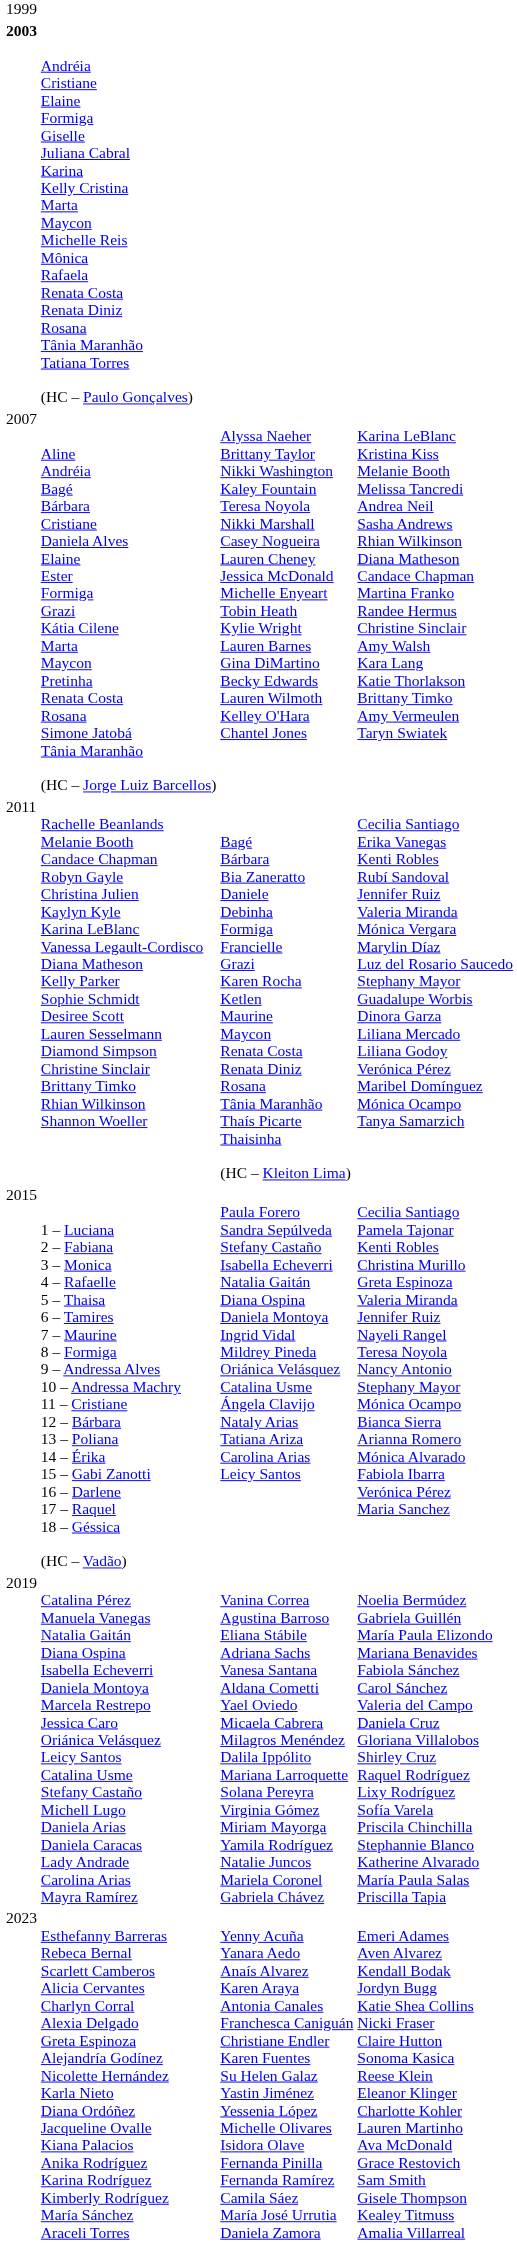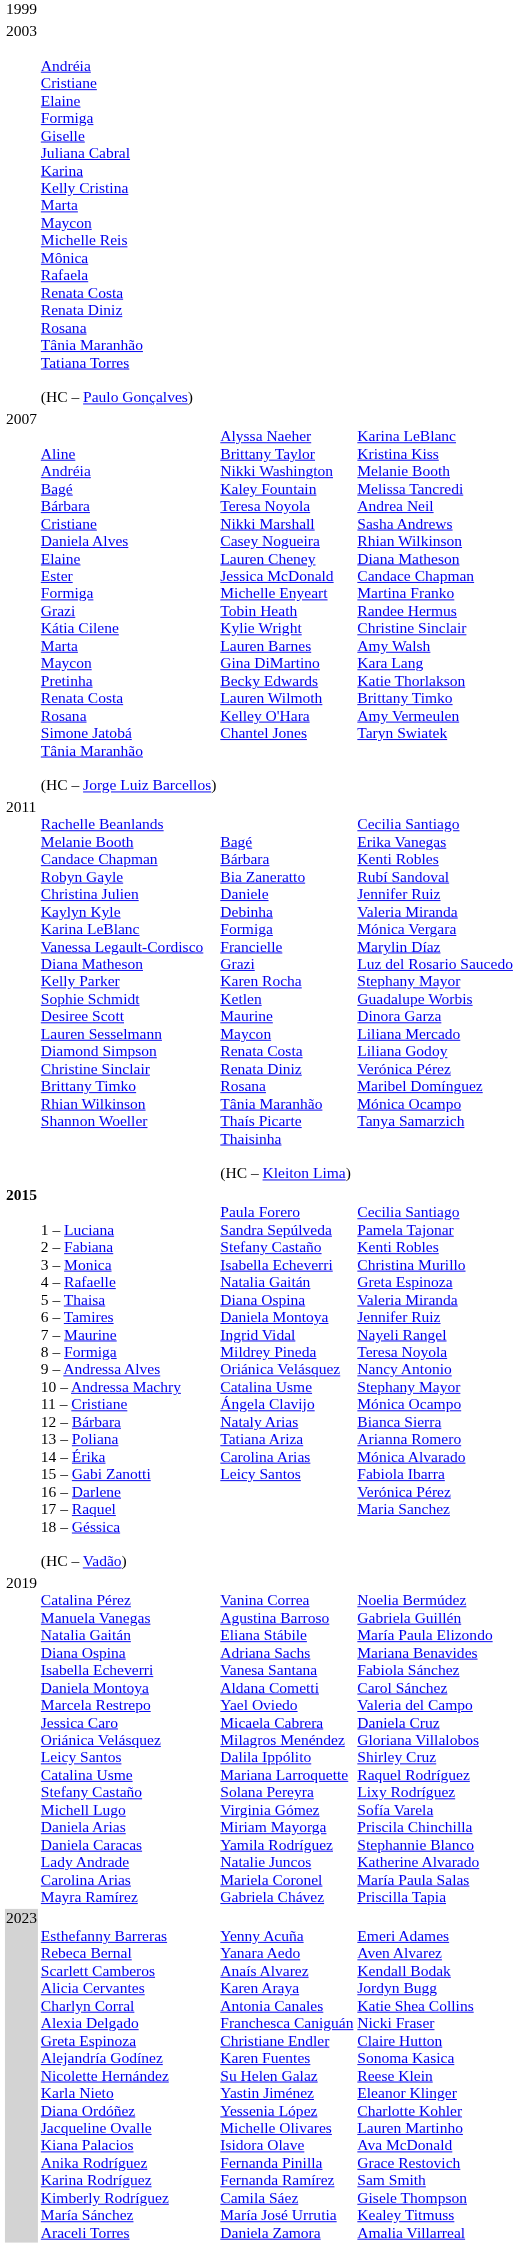 <table>
 <tr valign="top">
 <td>1999 <br></td>
 <td></td>
 <td></td>
 <td></td>
 </tr>
 <tr valign="top">
-<td><strong>2003 <br></strong></td>
+<td>2003 <br></td>
 <td><br><br><a href='#'>Andréia</a><br>  <a href='#'>Cristiane</a><br> <a href='#'>Elaine</a><br> <a href='#'>Formiga</a><br> <a href='#'>Giselle</a><br> <a href='#'>Juliana Cabral</a><br> <a href='#'>Karina</a><br> <a href='#'>Kelly Cristina</a><br> <a href='#'>Marta</a><br> <a href='#'>Maycon</a><br> <a href='#'>Michelle Reis</a><br> <a href='#'>Mônica</a><br> <a href='#'>Rafaela</a><br> <a href='#'>Renata Costa</a><br> <a href='#'>Renata Diniz</a><br> <a href='#'>Rosana</a><br> <a href='#'>Tânia Maranhão</a><br> <a href='#'>Tatiana Torres</a><br><br> (HC – <a href='#'>Paulo Gonçalves</a>)</td>
 <td></td>
 <td></td>
 </tr>
 <tr valign="top">
 <td>2007 <br></td>
 <td><br><br><a href='#'>Aline</a><br> <a href='#'>Andréia</a><br>  <a href='#'>Bagé</a><br>  <a href='#'>Bárbara</a><br>  <a href='#'>Cristiane</a><br>  <a href='#'>Daniela Alves</a><br>  <a href='#'>Elaine</a><br>  <a href='#'>Ester</a><br> <a href='#'>Formiga</a><br>  <a href='#'>Grazi</a><br>  <a href='#'>Kátia Cilene</a><br>  <a href='#'>Marta</a><br>  <a href='#'>Maycon</a><br>  <a href='#'>Pretinha</a><br>  <a href='#'>Renata Costa</a><br>  <a href='#'>Rosana</a><br>  <a href='#'>Simone Jatobá</a><br>  <a href='#'>Tânia Maranhão</a><br><br> (HC – <a href='#'>Jorge Luiz Barcellos</a>)</td>
 <td><br><a href='#'>Alyssa Naeher</a><br> <a href='#'>Brittany Taylor</a><br> <a href='#'>Nikki Washington</a><br> <a href='#'>Kaley Fountain</a><br> <a href='#'>Teresa Noyola</a><br> <a href='#'>Nikki Marshall</a><br> <a href='#'>Casey Nogueira</a><br> <a href='#'>Lauren Cheney</a><br> <a href='#'>Jessica McDonald</a><br> <a href='#'>Michelle Enyeart</a><br> <a href='#'>Tobin Heath</a><br> <a href='#'>Kylie Wright</a><br> <a href='#'>Lauren Barnes</a><br> <a href='#'>Gina DiMartino</a><br> <a href='#'>Becky Edwards</a><br> <a href='#'>Lauren Wilmoth</a><br> <a href='#'>Kelley O'Hara</a><br> <a href='#'>Chantel Jones</a></td>
 <td><br><a href='#'>Karina LeBlanc</a><br> <a href='#'>Kristina Kiss</a><br> <a href='#'>Melanie Booth</a><br> <a href='#'>Melissa Tancredi</a><br> <a href='#'>Andrea Neil</a><br> <a href='#'>Sasha Andrews</a><br> <a href='#'>Rhian Wilkinson</a><br> <a href='#'>Diana Matheson</a><br> <a href='#'>Candace Chapman</a><br> <a href='#'>Martina Franko</a><br> <a href='#'>Randee Hermus</a><br> <a href='#'>Christine Sinclair</a><br> <a href='#'>Amy Walsh</a><br> <a href='#'>Kara Lang</a><br> <a href='#'>Katie Thorlakson</a><br> <a href='#'>Brittany Timko</a><br> <a href='#'>Amy Vermeulen</a><br> <a href='#'>Taryn Swiatek</a></td>
 </tr>
 <tr valign="top">
 <td>2011 <br></td>
 <td><br><a href='#'>Rachelle Beanlands</a> <br><a href='#'>Melanie Booth</a><br><a href='#'>Candace Chapman</a><br><a href='#'>Robyn Gayle</a><br><a href='#'>Christina Julien</a><br><a href='#'>Kaylyn Kyle</a><br><a href='#'>Karina LeBlanc</a><br><a href='#'>Vanessa Legault-Cordisco</a><br><a href='#'>Diana Matheson</a><br><a href='#'>Kelly Parker</a><br><a href='#'>Sophie Schmidt</a><br><a href='#'>Desiree Scott</a><br><a href='#'>Lauren Sesselmann</a> <br><a href='#'>Diamond Simpson</a><br><a href='#'>Christine Sinclair</a><br><a href='#'>Brittany Timko</a><br><a href='#'>Rhian Wilkinson</a><br><a href='#'>Shannon Woeller</a></td>
 <td><br><br><a href='#'>Bagé</a><br> <a href='#'>Bárbara</a><br> <a href='#'>Bia Zaneratto</a><br> <a href='#'>Daniele</a><br> <a href='#'>Debinha</a><br> <a href='#'>Formiga</a><br> <a href='#'>Francielle</a><br> <a href='#'>Grazi</a><br> <a href='#'>Karen Rocha</a><br> <a href='#'>Ketlen</a><br> <a href='#'>Maurine</a><br> <a href='#'>Maycon</a><br> <a href='#'>Renata Costa</a><br> <a href='#'>Renata Diniz</a><br> <a href='#'>Rosana</a><br> <a href='#'>Tânia Maranhão</a><br> <a href='#'>Thaís Picarte</a> <br> <a href='#'>Thaisinha</a><br><br> (HC – <a href='#'>Kleiton Lima</a>)</td>
 <td><br><a href='#'>Cecilia Santiago</a><br><a href='#'>Erika Vanegas</a><br><a href='#'>Kenti Robles</a><br><a href='#'>Rubí Sandoval</a><br><a href='#'>Jennifer Ruiz</a><br><a href='#'>Valeria Miranda</a><br><a href='#'>Mónica Vergara</a><br><a href='#'>Marylin Díaz</a><br><a href='#'>Luz del Rosario Saucedo</a><br><a href='#'>Stephany Mayor</a><br><a href='#'>Guadalupe Worbis</a><br><a href='#'>Dinora Garza</a><br><a href='#'>Liliana Mercado</a><br><a href='#'>Liliana Godoy</a><br><a href='#'>Verónica Pérez</a><br><a href='#'>Maribel Domínguez</a><br><a href='#'>Mónica Ocampo</a><br><a href='#'>Tanya Samarzich</a></td>
 </tr>
 <tr valign="top">
-<td>2015 <br></td>
+<td><strong>2015 <br></strong></td>
 <td><br><br>1 – <a href='#'>Luciana</a><br> 2 – <a href='#'>Fabiana</a><br> 3 – <a href='#'>Monica</a><br> 4 – <a href='#'>Rafaelle</a><br> 5 – <a href='#'>Thaisa</a><br> 6 – <a href='#'>Tamires</a><br> 7 – <a href='#'>Maurine</a><br> 8 – <a href='#'>Formiga</a><br> 9 – <a href='#'>Andressa Alves</a><br> 10 – <a href='#'>Andressa Machry</a><br> 11 – <a href='#'>Cristiane</a><br> 12 – <a href='#'>Bárbara</a><br> 13 – <a href='#'>Poliana</a><br> 14 – <a href='#'>Érika</a><br> 15 – <a href='#'>Gabi Zanotti</a><br> 16 – <a href='#'>Darlene</a><br> 17 – <a href='#'>Raquel</a><br> 18 – <a href='#'>Géssica</a><br><br> (HC – <a href='#'>Vadão</a>)</td>
 <td><br><a href='#'>Paula Forero</a><br><a href='#'>Sandra Sepúlveda</a><br><a href='#'>Stefany Castaño</a><br><a href='#'>Isabella Echeverri</a><br><a href='#'>Natalia Gaitán</a><br><a href='#'>Diana Ospina</a><br><a href='#'>Daniela Montoya</a><br><a href='#'>Ingrid Vidal</a><br><a href='#'>Mildrey Pineda</a><br><a href='#'>Oriánica Velásquez</a><br><a href='#'>Catalina Usme</a><br><a href='#'>Ángela Clavijo</a><br><a href='#'>Nataly Arias</a><br><a href='#'>Tatiana Ariza</a><br><a href='#'>Carolina Arias</a><br><a href='#'>Leicy Santos</a></td>
 <td><br><a href='#'>Cecilia Santiago</a><br><a href='#'>Pamela Tajonar</a><br><a href='#'>Kenti Robles</a><br><a href='#'>Christina Murillo</a><br><a href='#'>Greta Espinoza</a><br><a href='#'>Valeria Miranda</a><br><a href='#'>Jennifer Ruiz</a><br><a href='#'>Nayeli Rangel</a><br><a href='#'>Teresa Noyola</a><br><a href='#'>Nancy Antonio</a><br><a href='#'>Stephany Mayor</a><br><a href='#'>Mónica Ocampo</a><br><a href='#'>Bianca Sierra</a><br><a href='#'>Arianna Romero</a><br><a href='#'>Mónica Alvarado</a><br><a href='#'>Fabiola Ibarra</a><br><a href='#'>Verónica Pérez</a><br><a href='#'>Maria Sanchez</a></td>
 </tr>
 <tr valign="top">
 <td>2019 <br></td>
 <td><br><a href='#'>Catalina Pérez</a><br><a href='#'>Manuela Vanegas</a><br><a href='#'>Natalia Gaitán</a><br><a href='#'>Diana Ospina</a><br><a href='#'>Isabella Echeverri</a><br><a href='#'>Daniela Montoya</a><br><a href='#'>Marcela Restrepo</a><br><a href='#'>Jessica Caro</a><br><a href='#'>Oriánica Velásquez</a><br><a href='#'>Leicy Santos</a><br><a href='#'>Catalina Usme</a><br><a href='#'>Stefany Castaño</a><br><a href='#'>Michell Lugo</a><br><a href='#'>Daniela Arias</a><br><a href='#'>Daniela Caracas</a><br><a href='#'>Lady Andrade</a><br><a href='#'>Carolina Arias</a><br><a href='#'>Mayra Ramírez</a></td>
 <td><br><a href='#'>Vanina Correa</a><br><a href='#'>Agustina Barroso</a><br><a href='#'>Eliana Stábile</a><br><a href='#'>Adriana Sachs</a><br><a href='#'>Vanesa Santana</a><br><a href='#'>Aldana Cometti</a><br><a href='#'>Yael Oviedo</a><br><a href='#'>Micaela Cabrera</a><br><a href='#'>Milagros Menéndez</a><br><a href='#'>Dalila Ippólito</a><br><a href='#'>Mariana Larroquette</a><br><a href='#'>Solana Pereyra</a><br><a href='#'>Virginia Gómez</a><br><a href='#'>Miriam Mayorga</a><br><a href='#'>Yamila Rodríguez</a><br><a href='#'>Natalie Juncos</a><br><a href='#'>Mariela Coronel</a><br><a href='#'>Gabriela Chávez</a></td>
 <td><br><a href='#'>Noelia Bermúdez</a><br><a href='#'>Gabriela Guillén</a><br><a href='#'>María Paula Elizondo</a><br><a href='#'>Mariana Benavides</a><br><a href='#'>Fabiola Sánchez</a><br><a href='#'>Carol Sánchez</a><br><a href='#'>Valeria del Campo</a><br><a href='#'>Daniela Cruz</a><br><a href='#'>Gloriana Villalobos</a><br><a href='#'>Shirley Cruz</a><br><a href='#'>Raquel Rodríguez</a><br><a href='#'>Lixy Rodríguez</a><br><a href='#'>Sofía Varela</a><br><a href='#'>Priscila Chinchilla</a><br><a href='#'>Stephannie Blanco</a><br><a href='#'>Katherine Alvarado</a><br><a href='#'>María Paula Salas</a><br><a href='#'>Priscilla Tapia</a></td>
 </tr>
 <tr valign="top">
-<td>2023 <br></td>
+<td style="background: lightgrey;">2023 <br></td>
 <td><br><a href='#'>Esthefanny Barreras</a> <br> <a href='#'>Rebeca Bernal</a> <br> <a href='#'>Scarlett Camberos</a> <br> <a href='#'>Alicia Cervantes</a> <br> <a href='#'>Charlyn Corral</a> <br> <a href='#'>Alexia Delgado</a> <br> <a href='#'>Greta Espinoza</a> <br> <a href='#'>Alejandría Godínez</a> <br> <a href='#'>Nicolette Hernández</a> <br> <a href='#'>Karla Nieto</a> <br> <a href='#'>Diana Ordóñez</a> <br> <a href='#'>Jacqueline Ovalle</a> <br> <a href='#'>Kiana Palacios</a> <br> <a href='#'>Anika Rodríguez</a> <br> <a href='#'>Karina Rodríguez</a> <br> <a href='#'>Kimberly Rodríguez</a> <br> <a href='#'>María Sánchez</a> <br> <a href='#'>Araceli Torres</a> <br></td>
 <td><br><a href='#'>Yenny Acuña</a> <br> <a href='#'>Yanara Aedo</a> <br> <a href='#'>Anaís Alvarez</a> <br> <a href='#'>Karen Araya</a> <br> <a href='#'>Antonia Canales</a> <br> <a href='#'>Franchesca Caniguán</a> <br> <a href='#'>Christiane Endler</a> <br> <a href='#'>Karen Fuentes</a> <br> <a href='#'>Su Helen Galaz</a> <br> <a href='#'>Yastin Jiménez</a> <br> <a href='#'>Yessenia López</a> <br> <a href='#'>Michelle Olivares</a> <br> <a href='#'>Isidora Olave</a> <br> <a href='#'>Fernanda Pinilla</a> <br> <a href='#'>Fernanda Ramírez</a> <br> <a href='#'>Camila Sáez</a> <br> <a href='#'>María José Urrutia</a> <br> <a href='#'>Daniela Zamora</a> <br></td>
 <td><br><a href='#'>Emeri Adames</a> <br> <a href='#'>Aven Alvarez</a> <br> <a href='#'>Kendall Bodak</a> <br> <a href='#'>Jordyn Bugg</a> <br> <a href='#'>Katie Shea Collins</a> <br> <a href='#'>Nicki Fraser</a> <br> <a href='#'>Claire Hutton</a> <br> <a href='#'>Sonoma Kasica</a> <br> <a href='#'>Reese Klein</a> <br> <a href='#'>Eleanor Klinger</a> <br> <a href='#'>Charlotte Kohler</a> <br> <a href='#'>Lauren Martinho</a> <br> <a href='#'>Ava McDonald</a> <br> <a href='#'>Grace Restovich</a> <br> <a href='#'>Sam Smith</a> <br> <a href='#'>Gisele Thompson</a> <br> <a href='#'>Kealey Titmuss</a> <br> <a href='#'>Amalia Villarreal</a>  <br></td>
 </tr>
 </table>
